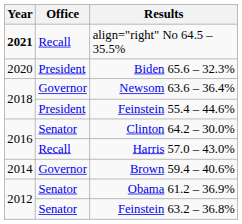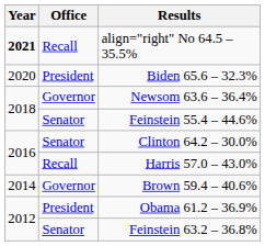 <table class=wikitable>
 <tr>
 <th width="30">Year</th>
 <th width="60">Office</th>
 <th width="180">Results</th>
 </tr>
 <tr>
 <td><strong>2021</strong></td>
 <td><a href='#'>Recall</a></td>
 <td>align="right"  No 64.5 – 35.5%</td>
 </tr>
 <tr>
 <td rowspan="1">2020</td>
 <td><a href='#'>President</a></td>
 <td align="right" ><a href='#'>Biden</a> 65.6 – 32.3%</td>
 </tr>
 <tr>
 <td rowspan="2">2018</td>
 <td><a href='#'>Governor</a></td>
 <td align="right" ><a href='#'>Newsom</a> 63.6 – 36.4%</td>
 </tr>
 <tr>
-<td><a href='#'>President</a></td>
+<td><a href='#'>Senator</a></td>
 <td align="right" ><a href='#'>Feinstein</a> 55.4 – 44.6%</td>
 </tr>
 <tr>
 <td rowspan="2">2016</td>
 <td><a href='#'>Senator</a></td>
 <td align="right" ><a href='#'>Clinton</a> 64.2 – 30.0%</td>
 </tr>
 <tr>
 <td><a href='#'>Recall</a></td>
 <td align="right" ><a href='#'>Harris</a> 57.0 – 43.0%</td>
 </tr>
 <tr>
 <td>2014</td>
 <td><a href='#'>Governor</a></td>
 <td align="right" ><a href='#'>Brown</a> 59.4 – 40.6%</td>
 </tr>
 <tr>
 <td rowspan="2">2012</td>
-<td><a href='#'>Senator</a></td>
+<td><a href='#'>President</a></td>
 <td align="right" ><a href='#'>Obama</a> 61.2 – 36.9%</td>
 </tr>
 <tr>
 <td><a href='#'>Senator</a></td>
 <td align="right" ><a href='#'>Feinstein</a> 63.2 – 36.8%</td>
 </tr>
 </table>
